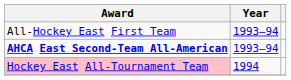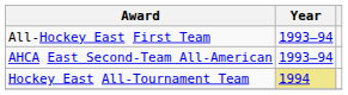 <table class="wikitable">
 <tr>
 <th>Award</th>
 <th>Year</th>
 <th></th>
 </tr>
 <tr>
 <td>All-<a href='#'>Hockey East</a> <a href='#'>First Team</a></td>
 <td><a href='#'>1993–94</a></td>
 <td></td>
 </tr>
 <tr>
-<td><strong><a href='#'>AHCA</a> <a href='#'>East Second-Team All-American</a></strong></td>
+<td><a href='#'>AHCA</a> <a href='#'>East Second-Team All-American</a></td>
 <td><a href='#'>1993–94</a></td>
 <td></td>
 </tr>
 <tr>
-<td style="background: pink;"><a href='#'>Hockey East</a> <a href='#'>All-Tournament Team</a></td>
-<td><a href='#'>1994</a></td>
+<td><a href='#'>Hockey East</a> <a href='#'>All-Tournament Team</a></td>
+<td style="background: khaki;"><a href='#'>1994</a></td>
 <td></td>
 </tr>
 <tr>
 </tr>
 </table>
